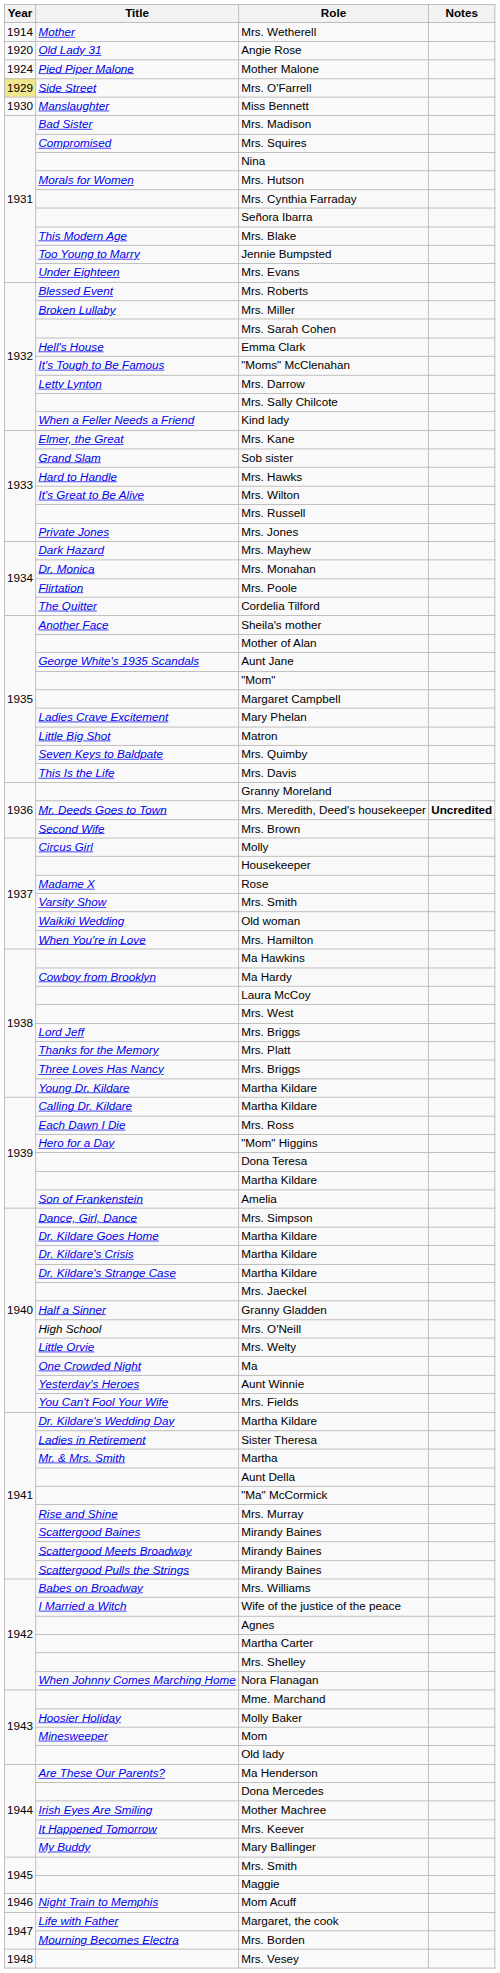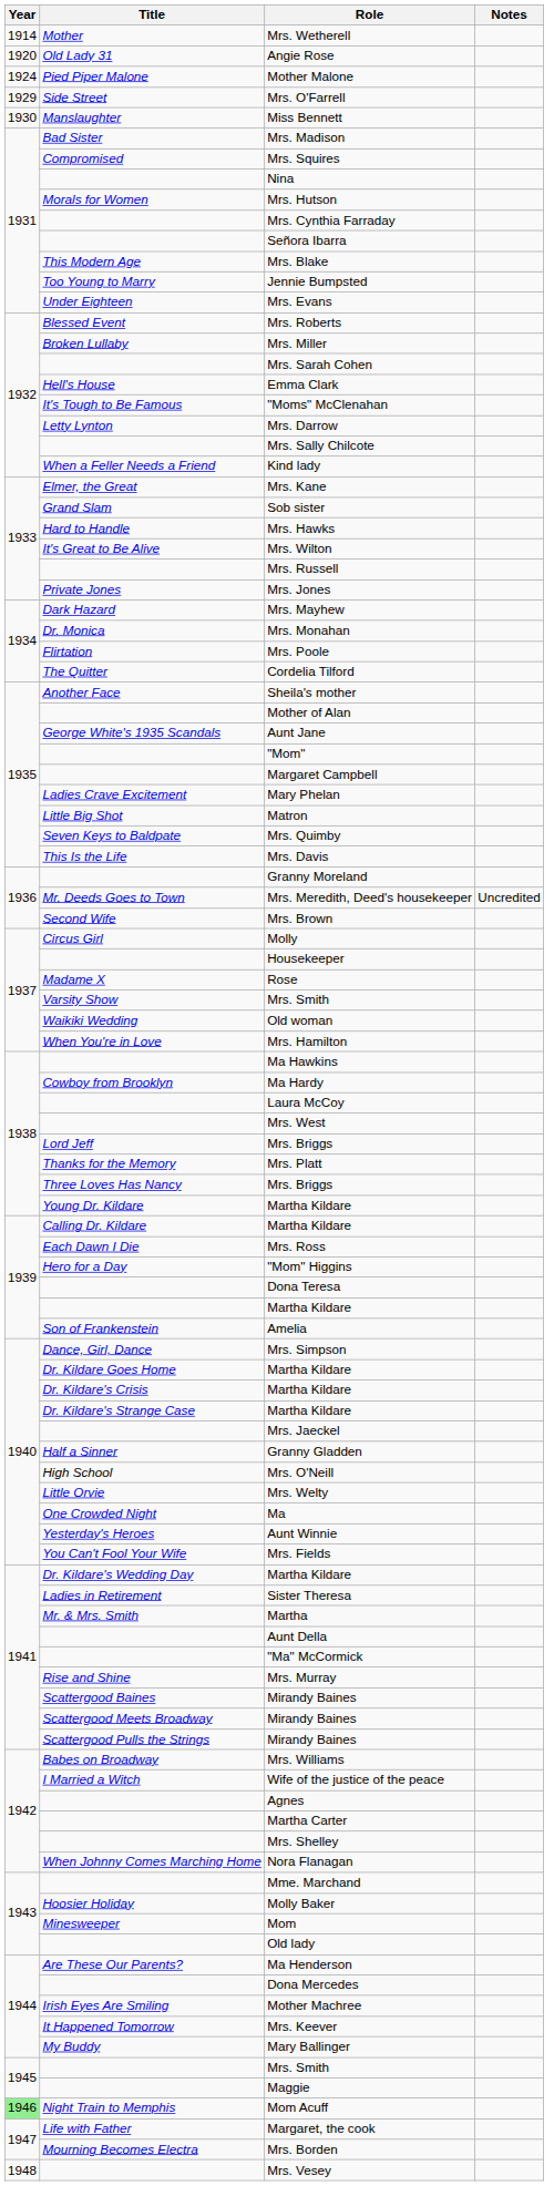 <table class="wikitable sortable">
 <tr>
 <th>Year</th>
 <th>Title</th>
 <th>Role</th>
 <th class="unsortable">Notes</th>
 </tr>
 <tr>
 <td>1914</td>
 <td><em><a href='#'>Mother</a></em></td>
 <td>Mrs. Wetherell</td>
 <td></td>
 </tr>
 <tr>
 <td>1920</td>
 <td><em><a href='#'>Old Lady 31</a></em></td>
 <td>Angie Rose</td>
 <td></td>
 </tr>
 <tr>
 <td>1924</td>
 <td><em><a href='#'>Pied Piper Malone</a></em></td>
 <td>Mother Malone</td>
 <td></td>
 </tr>
 <tr>
-<td style="background: khaki;">1929</td>
+<td>1929</td>
 <td><em><a href='#'>Side Street</a></em></td>
 <td>Mrs. O'Farrell</td>
 <td></td>
 </tr>
 <tr>
 <td>1930</td>
 <td><em><a href='#'>Manslaughter</a></em></td>
 <td>Miss Bennett</td>
 <td></td>
 </tr>
 <tr>
 <td rowspan=9>1931</td>
 <td><em><a href='#'>Bad Sister</a></em></td>
 <td>Mrs. Madison</td>
 <td></td>
 </tr>
 <tr>
 <td><em><a href='#'>Compromised</a></em></td>
 <td>Mrs. Squires</td>
 <td></td>
 </tr>
 <tr>
 <td><em></em></td>
 <td>Nina</td>
 <td></td>
 </tr>
 <tr>
 <td><em><a href='#'>Morals for Women</a></em></td>
 <td>Mrs. Hutson</td>
 <td></td>
 </tr>
 <tr |->
 <td><em></em></td>
 <td>Mrs. Cynthia Farraday</td>
 <td></td>
 </tr>
 <tr>
 <td><em></em></td>
 <td>Señora Ibarra</td>
 <td></td>
 </tr>
 <tr>
 <td><em><a href='#'>This Modern Age</a></em></td>
 <td>Mrs. Blake</td>
 <td></td>
 </tr>
 <tr>
 <td><em><a href='#'>Too Young to Marry</a></em></td>
 <td>Jennie Bumpsted</td>
 <td></td>
 </tr>
 <tr>
 <td><em><a href='#'>Under Eighteen</a></em></td>
 <td>Mrs. Evans</td>
 <td></td>
 </tr>
 <tr>
 <td rowspan=8>1932</td>
 <td><em><a href='#'>Blessed Event</a></em></td>
 <td>Mrs. Roberts</td>
 <td></td>
 </tr>
 <tr>
 <td><em><a href='#'>Broken Lullaby</a></em></td>
 <td>Mrs. Miller</td>
 <td></td>
 </tr>
 <tr>
 <td><em></em></td>
 <td>Mrs. Sarah Cohen</td>
 <td></td>
 </tr>
 <tr>
 <td><em><a href='#'>Hell's House</a></em></td>
 <td>Emma Clark</td>
 <td></td>
 </tr>
 <tr>
 <td><em><a href='#'>It's Tough to Be Famous</a></em></td>
 <td>"Moms" McClenahan</td>
 <td></td>
 </tr>
 <tr>
 <td><em><a href='#'>Letty Lynton</a></em></td>
 <td>Mrs. Darrow</td>
 <td></td>
 </tr>
 <tr>
 <td><em></em></td>
 <td>Mrs. Sally Chilcote</td>
 <td></td>
 </tr>
 <tr>
 <td><em><a href='#'>When a Feller Needs a Friend</a></em></td>
 <td>Kind lady</td>
 <td></td>
 </tr>
 <tr>
 <td rowspan=6>1933</td>
 <td><em><a href='#'>Elmer, the Great</a></em></td>
 <td>Mrs. Kane</td>
 <td></td>
 </tr>
 <tr>
 <td><em><a href='#'>Grand Slam</a></em></td>
 <td>Sob sister</td>
 <td></td>
 </tr>
 <tr>
 <td><em><a href='#'>Hard to Handle</a></em></td>
 <td>Mrs. Hawks</td>
 <td></td>
 </tr>
 <tr>
 <td><em><a href='#'>It's Great to Be Alive</a></em></td>
 <td>Mrs. Wilton</td>
 <td></td>
 </tr>
 <tr>
 <td><em></em></td>
 <td>Mrs. Russell</td>
 <td></td>
 </tr>
 <tr>
 <td><em><a href='#'>Private Jones</a></em></td>
 <td>Mrs. Jones</td>
 <td></td>
 </tr>
 <tr>
 <td rowspan=4>1934</td>
 <td><em><a href='#'>Dark Hazard</a></em></td>
 <td>Mrs. Mayhew</td>
 <td></td>
 </tr>
 <tr>
 <td><em><a href='#'>Dr. Monica</a></em></td>
 <td>Mrs. Monahan</td>
 <td></td>
 </tr>
 <tr>
 <td><em><a href='#'>Flirtation</a></em></td>
 <td>Mrs. Poole</td>
 <td></td>
 </tr>
 <tr>
 <td><em><a href='#'>The Quitter</a></em></td>
 <td>Cordelia Tilford</td>
 <td></td>
 </tr>
 <tr>
 <td rowspan=9>1935</td>
 <td><em><a href='#'>Another Face</a></em></td>
 <td>Sheila's mother</td>
 <td></td>
 </tr>
 <tr>
 <td><em></em></td>
 <td>Mother of Alan</td>
 <td></td>
 </tr>
 <tr>
 <td><em><a href='#'>George White's 1935 Scandals</a></em></td>
 <td>Aunt Jane</td>
 <td></td>
 </tr>
 <tr>
 <td><em></em></td>
 <td>"Mom"</td>
 <td></td>
 </tr>
 <tr>
 <td><em></em></td>
 <td>Margaret Campbell</td>
 <td></td>
 </tr>
 <tr>
 <td><em><a href='#'>Ladies Crave Excitement</a></em></td>
 <td>Mary Phelan</td>
 <td></td>
 </tr>
 <tr>
 <td><em><a href='#'>Little Big Shot</a></em></td>
 <td>Matron</td>
 <td></td>
 </tr>
 <tr>
 <td><em><a href='#'>Seven Keys to Baldpate</a></em></td>
 <td>Mrs. Quimby</td>
 <td></td>
 </tr>
 <tr>
 <td><em><a href='#'>This Is the Life</a></em></td>
 <td>Mrs. Davis</td>
 <td></td>
 </tr>
 <tr>
 <td rowspan=3>1936</td>
 <td><em></em></td>
 <td>Granny Moreland</td>
 <td></td>
 </tr>
 <tr>
 <td><em><a href='#'>Mr. Deeds Goes to Town</a></em></td>
 <td>Mrs. Meredith, Deed's housekeeper</td>
-<td><strong>Uncredited</strong></td>
+<td>Uncredited</td>
 </tr>
 <tr>
 <td><em><a href='#'>Second Wife</a></em></td>
 <td>Mrs. Brown</td>
 <td></td>
 </tr>
 <tr>
 <td rowspan=6>1937</td>
 <td><em><a href='#'>Circus Girl</a></em></td>
 <td>Molly</td>
 <td></td>
 </tr>
 <tr>
 <td><em></em></td>
 <td>Housekeeper</td>
 <td></td>
 </tr>
 <tr>
 <td><em><a href='#'>Madame X</a></em></td>
 <td>Rose</td>
 <td></td>
 </tr>
 <tr>
 <td><em><a href='#'>Varsity Show</a></em></td>
 <td>Mrs. Smith</td>
 <td></td>
 </tr>
 <tr>
 <td><em><a href='#'>Waikiki Wedding</a></em></td>
 <td>Old woman</td>
 <td></td>
 </tr>
 <tr>
 <td><em><a href='#'>When You're in Love</a></em></td>
 <td>Mrs. Hamilton</td>
 <td></td>
 </tr>
 <tr>
 <td rowspan=8>1938</td>
 <td><em></em></td>
 <td>Ma Hawkins</td>
 <td></td>
 </tr>
 <tr>
 <td><em><a href='#'>Cowboy from Brooklyn</a></em></td>
 <td>Ma Hardy</td>
 <td></td>
 </tr>
 <tr>
 <td><em></em></td>
 <td>Laura McCoy</td>
 <td></td>
 </tr>
 <tr>
 <td><em></em></td>
 <td>Mrs. West</td>
 <td></td>
 </tr>
 <tr>
 <td><em><a href='#'>Lord Jeff</a></em></td>
 <td>Mrs. Briggs</td>
 <td></td>
 </tr>
 <tr>
 <td><em><a href='#'>Thanks for the Memory</a></em></td>
 <td>Mrs. Platt</td>
 <td></td>
 </tr>
 <tr>
 <td><em><a href='#'>Three Loves Has Nancy</a></em></td>
 <td>Mrs. Briggs</td>
 <td></td>
 </tr>
 <tr>
 <td><em><a href='#'>Young Dr. Kildare</a></em></td>
 <td>Martha Kildare</td>
 <td></td>
 </tr>
 <tr>
 <td rowspan=6>1939</td>
 <td><em><a href='#'>Calling Dr. Kildare</a></em></td>
 <td>Martha Kildare</td>
 <td></td>
 </tr>
 <tr>
 <td><em><a href='#'>Each Dawn I Die</a></em></td>
 <td>Mrs. Ross</td>
 <td></td>
 </tr>
 <tr>
 <td><em><a href='#'>Hero for a Day</a></em></td>
 <td>"Mom" Higgins</td>
 <td></td>
 </tr>
 <tr>
 <td><em></em></td>
 <td>Dona Teresa</td>
 <td></td>
 </tr>
 <tr>
 <td><em></em></td>
 <td>Martha Kildare</td>
 <td></td>
 </tr>
 <tr>
 <td><em><a href='#'>Son of Frankenstein</a></em></td>
 <td>Amelia</td>
 <td></td>
 </tr>
 <tr>
 <td rowspan=11>1940</td>
 <td><em><a href='#'>Dance, Girl, Dance</a></em></td>
 <td>Mrs. Simpson</td>
 <td></td>
 </tr>
 <tr>
 <td><em><a href='#'>Dr. Kildare Goes Home</a></em></td>
 <td>Martha Kildare</td>
 <td></td>
 </tr>
 <tr>
 <td><em><a href='#'>Dr. Kildare's Crisis</a></em></td>
 <td>Martha Kildare</td>
 <td></td>
 </tr>
 <tr>
 <td><em><a href='#'>Dr. Kildare's Strange Case</a></em></td>
 <td>Martha Kildare</td>
 <td></td>
 </tr>
 <tr>
 <td><em></em></td>
 <td>Mrs. Jaeckel</td>
 <td></td>
 </tr>
 <tr>
 <td><em><a href='#'>Half a Sinner</a></em></td>
 <td>Granny Gladden</td>
 <td></td>
 </tr>
 <tr>
 <td><em>High School</em></td>
 <td>Mrs. O'Neill</td>
 <td></td>
 </tr>
 <tr>
 <td><em><a href='#'>Little Orvie</a></em></td>
 <td>Mrs. Welty</td>
 <td></td>
 </tr>
 <tr>
 <td><em><a href='#'>One Crowded Night</a></em></td>
 <td>Ma</td>
 <td></td>
 </tr>
 <tr>
 <td><em><a href='#'>Yesterday's Heroes</a></em></td>
 <td>Aunt Winnie</td>
 <td></td>
 </tr>
 <tr>
 <td><em><a href='#'>You Can't Fool Your Wife</a></em></td>
 <td>Mrs. Fields</td>
 <td></td>
 </tr>
 <tr>
 <td rowspan=9>1941</td>
 <td><em><a href='#'>Dr. Kildare's Wedding Day</a></em></td>
 <td>Martha Kildare</td>
 <td></td>
 </tr>
 <tr>
 <td><em><a href='#'>Ladies in Retirement</a></em></td>
 <td>Sister Theresa</td>
 <td></td>
 </tr>
 <tr>
 <td><em><a href='#'>Mr. & Mrs. Smith</a></em></td>
 <td>Martha</td>
 <td></td>
 </tr>
 <tr>
 <td><em></em></td>
 <td>Aunt Della</td>
 <td></td>
 </tr>
 <tr>
 <td><em></em></td>
 <td>"Ma" McCormick</td>
 <td></td>
 </tr>
 <tr>
 <td><em><a href='#'>Rise and Shine</a></em></td>
 <td>Mrs. Murray</td>
 <td></td>
 </tr>
 <tr>
 <td><em><a href='#'>Scattergood Baines</a></em></td>
 <td>Mirandy Baines</td>
 <td></td>
 </tr>
 <tr>
 <td><em><a href='#'>Scattergood Meets Broadway</a></em></td>
 <td>Mirandy Baines</td>
 <td></td>
 </tr>
 <tr>
 <td><em><a href='#'>Scattergood Pulls the Strings</a></em></td>
 <td>Mirandy Baines</td>
 <td></td>
 </tr>
 <tr>
 <td rowspan=6>1942</td>
 <td><em><a href='#'>Babes on Broadway</a></em></td>
 <td>Mrs. Williams</td>
 <td></td>
 </tr>
 <tr>
 <td><em><a href='#'>I Married a Witch</a></em></td>
 <td>Wife of the justice of the peace</td>
 <td></td>
 </tr>
 <tr>
 <td><em></em></td>
 <td>Agnes</td>
 <td></td>
 </tr>
 <tr>
 <td><em></em></td>
 <td>Martha Carter</td>
 <td></td>
 </tr>
 <tr>
 <td><em></em></td>
 <td>Mrs. Shelley</td>
 <td></td>
 </tr>
 <tr>
 <td><em><a href='#'>When Johnny Comes Marching Home</a></em></td>
 <td>Nora Flanagan</td>
 <td></td>
 </tr>
 <tr>
 <td rowspan=4>1943</td>
 <td><em></em></td>
 <td>Mme. Marchand</td>
 <td></td>
 </tr>
 <tr>
 <td><em><a href='#'>Hoosier Holiday</a></em></td>
 <td>Molly Baker</td>
 <td></td>
 </tr>
 <tr>
 <td><em><a href='#'>Minesweeper</a></em></td>
 <td>Mom</td>
 <td></td>
 </tr>
 <tr>
 <td><em></em></td>
 <td>Old lady</td>
 <td></td>
 </tr>
 <tr>
 <td rowspan=5>1944</td>
 <td><em><a href='#'>Are These Our Parents?</a></em></td>
 <td>Ma Henderson</td>
 <td></td>
 </tr>
 <tr>
 <td><em></em></td>
 <td>Dona Mercedes</td>
 <td></td>
 </tr>
 <tr>
 <td><em><a href='#'>Irish Eyes Are Smiling</a></em></td>
 <td>Mother Machree</td>
 <td></td>
 </tr>
 <tr>
 <td><em><a href='#'>It Happened Tomorrow</a></em></td>
 <td>Mrs. Keever</td>
 <td></td>
 </tr>
 <tr>
 <td><em><a href='#'>My Buddy</a></em></td>
 <td>Mary Ballinger</td>
 <td></td>
 </tr>
 <tr>
 <td rowspan=2>1945</td>
 <td><em></em></td>
 <td>Mrs. Smith</td>
 <td></td>
 </tr>
 <tr>
 <td><em></em></td>
 <td>Maggie</td>
 <td></td>
 </tr>
 <tr>
-<td>1946</td>
+<td style="background: lightgreen;">1946</td>
 <td><em><a href='#'>Night Train to Memphis</a></em></td>
 <td>Mom Acuff</td>
 <td></td>
 </tr>
 <tr>
 <td rowspan=2>1947</td>
 <td><em><a href='#'>Life with Father</a></em></td>
 <td>Margaret, the cook</td>
 <td></td>
 </tr>
 <tr>
 <td><em><a href='#'>Mourning Becomes Electra</a></em></td>
 <td>Mrs. Borden</td>
 <td></td>
 </tr>
 <tr>
 <td>1948</td>
 <td><em></em></td>
 <td>Mrs. Vesey</td>
 <td></td>
 </tr>
 </table>
